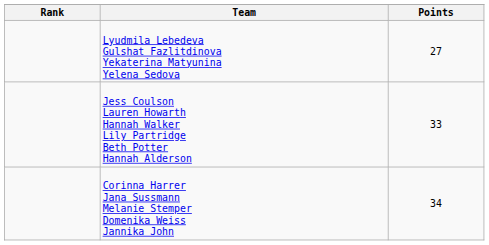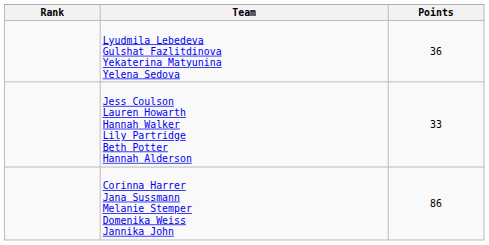 <table class="wikitable" style="width:50%;">
 <tr>
 </tr>
 <tr>
 <th width=10%>Rank</th>
 <th width=30%>Team</th>
 <th width=10%>Points</th>
 </tr>
 <tr style="text-align:center;">
 <td></td>
 <td style="text-align:left;"><br><a href='#'>Lyudmila Lebedeva</a><br><a href='#'>Gulshat Fazlitdinova</a><br><a href='#'>Yekaterina Matyunina</a><br><a href='#'>Yelena Sedova</a></td>
-<td>27</td>
+<td>36</td>
 </tr>
 <tr style="text-align:center;">
 <td></td>
 <td style="text-align:left;"><br><a href='#'>Jess Coulson</a><br><a href='#'>Lauren Howarth</a><br><a href='#'>Hannah Walker</a><br><a href='#'>Lily Partridge</a><br><a href='#'>Beth Potter</a><br><a href='#'>Hannah Alderson</a></td>
 <td>33</td>
 </tr>
 <tr style="text-align:center;">
 <td></td>
 <td style="text-align:left;"><br><a href='#'>Corinna Harrer</a><br><a href='#'>Jana Sussmann</a><br><a href='#'>Melanie Stemper</a><br><a href='#'>Domenika Weiss</a><br><a href='#'>Jannika John</a></td>
-<td>34</td>
+<td>86</td>
 </tr>
 </table>
